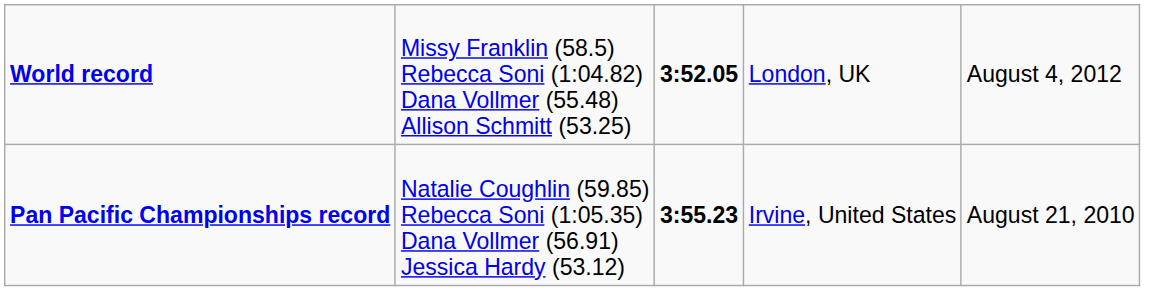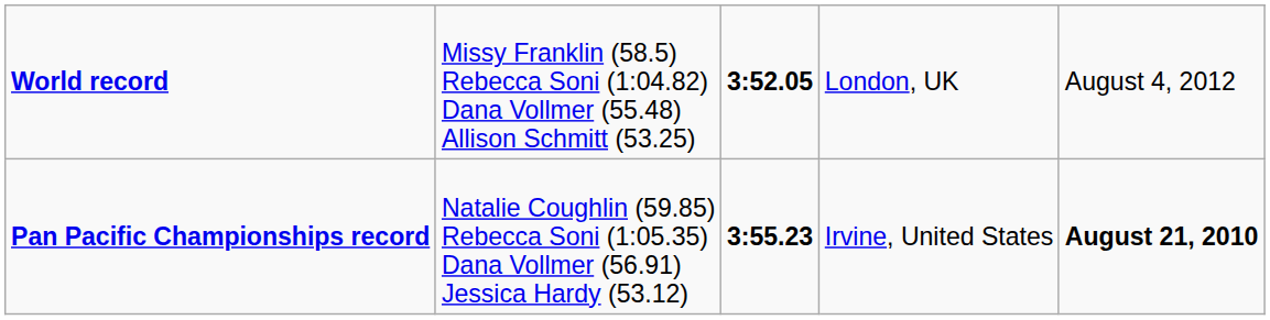 <table class="wikitable">
 <tr>
 <td><strong><a href='#'>World record</a></strong></td>
 <td><br><a href='#'>Missy Franklin</a> (58.5)<br><a href='#'>Rebecca Soni</a> (1:04.82)<br><a href='#'>Dana Vollmer</a> (55.48)<br><a href='#'>Allison Schmitt</a> (53.25)</td>
 <td><strong>3:52.05</strong></td>
 <td><a href='#'>London</a>, UK</td>
 <td>August 4, 2012</td>
 </tr>
 <tr>
 <td><strong><a href='#'>Pan Pacific Championships record</a></strong></td>
 <td><br><a href='#'>Natalie Coughlin</a> (59.85)<br><a href='#'>Rebecca Soni</a> (1:05.35)<br><a href='#'>Dana Vollmer</a> (56.91)<br><a href='#'>Jessica Hardy</a> (53.12)</td>
 <td><strong>3:55.23</strong></td>
 <td><a href='#'>Irvine</a>, United States</td>
-<td>August 21, 2010</td>
+<td><strong>August 21, 2010</strong></td>
 </tr>
 </table>
